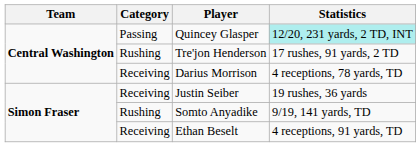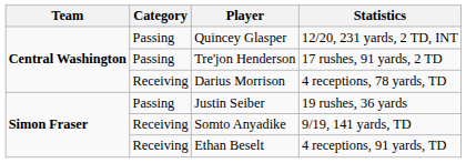 <table class="wikitable" style="float: right;">
 <tr>
 <th>Team</th>
 <th>Category</th>
 <th>Player</th>
 <th>Statistics</th>
 </tr>
 <tr>
 <td rowspan=3><strong>Central Washington</strong></td>
 <td>Passing</td>
 <td>Quincey Glasper</td>
-<td style="background: paleturquoise;">12/20, 231 yards, 2 TD, INT</td>
+<td>12/20, 231 yards, 2 TD, INT</td>
 </tr>
 <tr>
-<td>Rushing</td>
+<td>Passing</td>
 <td>Tre'jon Henderson</td>
 <td>17 rushes, 91 yards, 2 TD</td>
 </tr>
 <tr>
 <td>Receiving</td>
 <td>Darius Morrison</td>
 <td>4 receptions, 78 yards, TD</td>
 </tr>
 <tr>
 <td rowspan=3><strong>Simon Fraser</strong></td>
-<td>Receiving</td>
+<td>Passing</td>
 <td>Justin Seiber</td>
 <td>19 rushes, 36 yards</td>
 </tr>
 <tr>
-<td>Rushing</td>
+<td>Receiving</td>
 <td>Somto Anyadike</td>
 <td>9/19, 141 yards, TD</td>
 </tr>
 <tr>
 <td>Receiving</td>
 <td>Ethan Beselt</td>
 <td>4 receptions, 91 yards, TD</td>
 </tr>
 </table>
